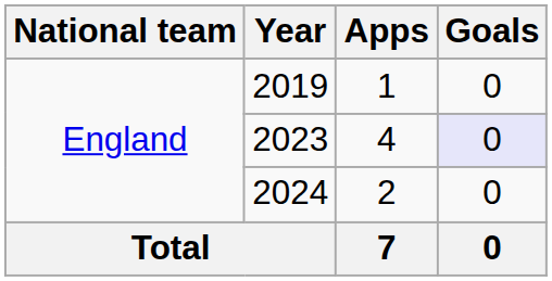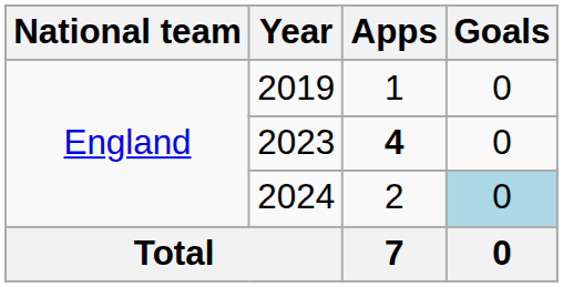 <table class="wikitable" style="text-align: center;">
 <tr>
 <th>National team</th>
 <th>Year</th>
 <th>Apps</th>
 <th>Goals</th>
 </tr>
 <tr>
 <td rowspan="3"><a href='#'>England</a></td>
 <td>2019</td>
 <td>1</td>
 <td>0</td>
 </tr>
 <tr>
 <td>2023</td>
-<td>4</td>
-<td style="background: lavender;">0</td>
+<td><strong>4</strong></td>
+<td>0</td>
 </tr>
 <tr>
 <td>2024</td>
 <td>2</td>
-<td>0</td>
+<td style="background: lightblue;">0</td>
 </tr>
 <tr>
 <th colspan="2">Total</th>
 <th>7</th>
 <th>0</th>
 </tr>
 </table>
